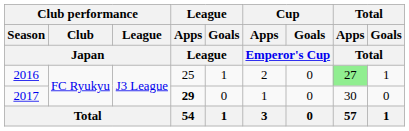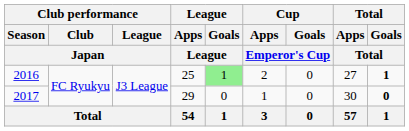 <table class="wikitable" style="text-align:center;">
 <tr>
 <th colspan=3>Club performance</th>
 <th colspan=2>League</th>
 <th colspan=2>Cup</th>
 <th colspan=2>Total</th>
 </tr>
 <tr>
 <th>Season</th>
 <th>Club</th>
 <th>League</th>
 <th>Apps</th>
 <th>Goals</th>
 <th>Apps</th>
 <th>Goals</th>
 <th>Apps</th>
 <th>Goals</th>
 </tr>
 <tr>
 <th colspan=3>Japan</th>
 <th colspan=2>League</th>
 <th colspan=2><a href='#'>Emperor's Cup</a></th>
 <th colspan=2>Total</th>
 </tr>
 <tr>
 <td><a href='#'>2016</a></td>
 <td rowspan="2"><a href='#'>FC Ryukyu</a></td>
 <td rowspan="2"><a href='#'>J3 League</a></td>
 <td>25</td>
-<td>1</td>
+<td style="background: lightgreen;">1</td>
 <td>2</td>
 <td>0</td>
-<td style="background: lightgreen;">27</td>
-<td>1</td>
+<td>27</td>
+<td><strong>1</strong></td>
 </tr>
 <tr>
 <td><a href='#'>2017</a></td>
-<td><strong>29</strong></td>
+<td>29</td>
 <td>0</td>
 <td>1</td>
 <td>0</td>
 <td>30</td>
-<td>0</td>
+<td><strong>0</strong></td>
 </tr>
 <tr>
 <th colspan=3>Total</th>
 <th>54</th>
 <th>1</th>
 <th>3</th>
 <th>0</th>
 <th>57</th>
 <th>1</th>
 </tr>
 </table>
